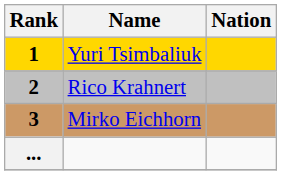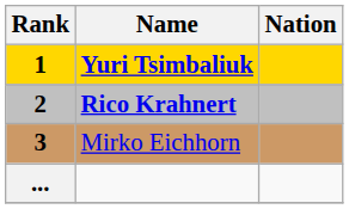 <table class="wikitable">
 <tr>
 <th>Rank</th>
 <th>Name</th>
 <th>Nation</th>
 </tr>
 <tr bgcolor="gold">
 <td align="center"><strong>1</strong></td>
-<td><a href='#'>Yuri Tsimbaliuk</a></td>
+<td><strong><a href='#'>Yuri Tsimbaliuk</a></strong></td>
 <td></td>
 </tr>
 <tr bgcolor="silver">
 <td align="center"><strong>2</strong></td>
-<td><a href='#'>Rico Krahnert</a></td>
+<td><strong><a href='#'>Rico Krahnert</a></strong></td>
 <td></td>
 </tr>
 <tr bgcolor="cc9966">
 <td align="center"><strong>3</strong></td>
 <td><a href='#'>Mirko Eichhorn</a></td>
 <td></td>
 </tr>
 <tr>
 <th>...</th>
 <td></td>
 <td></td>
 </tr>
 <tr>
 </tr>
 </table>
